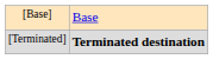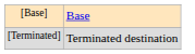 <table class="wikitable">
 <tr style="background:#FFE6BD">
 <td align=center><sup>[Base]</sup></td>
 <td><a href='#'>Base</a></td>
 </tr>
 <tr style="background:#DDDDDD">
 <td align=center><sup>[Terminated]</sup></td>
-<td><strong>Terminated destination</strong></td>
+<td>Terminated destination</td>
 </tr>
 </table>
